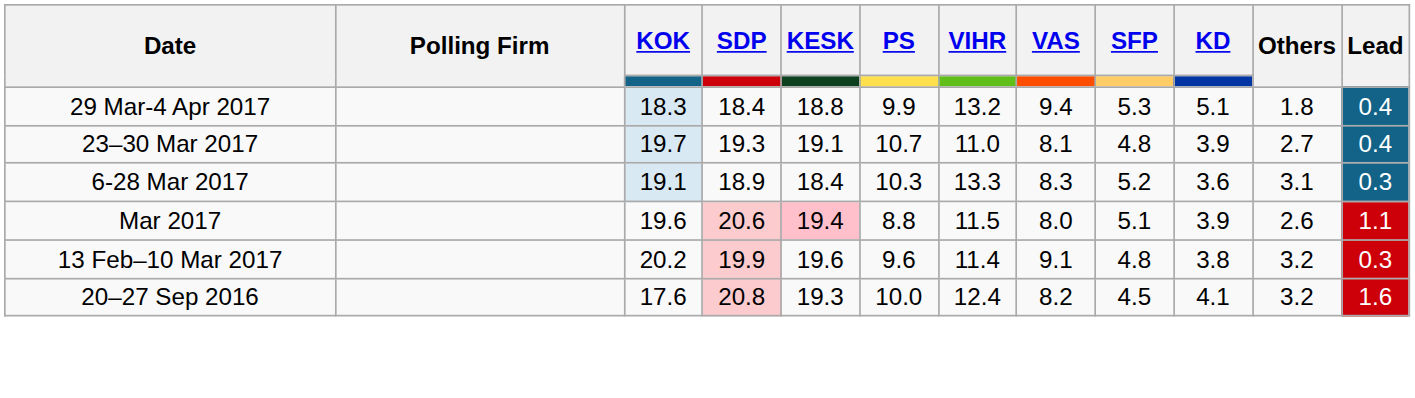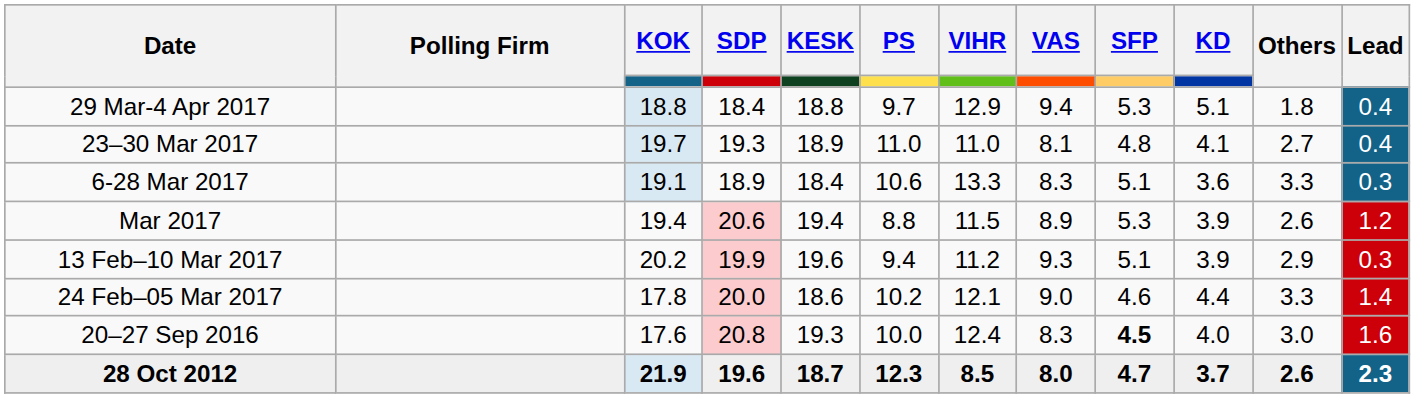 <table class="wikitable sortable" style="text-align:center; font-size:90%; line-height:16px;">
 <tr style="height:42px;">
 <th style="width:190px;" rowspan="2">Date</th>
 <th style="width:165px;" rowspan="2">Polling Firm</th>
 <th><a href='#'><span>KOK</span></a></th>
 <th><a href='#'><span>SDP</span></a></th>
 <th><a href='#'><span>KESK</span></a></th>
 <th><a href='#'><span>PS</span></a></th>
 <th><a href='#'><span>VIHR</span></a></th>
 <th><a href='#'><span>VAS</span></a></th>
 <th><a href='#'><span>SFP</span></a></th>
 <th><a href='#'><span>KD</span></a></th>
 <th style="width:40px;" rowspan="2">Others</th>
 <th style="width:20px;" rowspan="2">Lead</th>
 </tr>
 <tr>
 <th style="background:#136389; width:40px;"></th>
 <th style="background:#CD000a; width:40px;"></th>
 <th style="background:#0E4120; width:40px;"></th>
 <th style="background:#FEE04D; width:40px;"></th>
 <th style="background:#61BF1A; width:40px;"></th>
 <th style="background:#FF4D00; width:40px;"></th>
 <th style="background:#FFCC66; width:40px;"></th>
 <th style="background:#0235A4; width:40px;"></th>
 </tr>
 <tr>
 <td data-sort-value="2017-04-04">29 Mar-4 Apr 2017</td>
 <td></td>
-<td style="background:#D9E9F4">18.3</td>
+<td style="background:#D9E9F4">18.8</td>
 <td>18.4</td>
 <td>18.8</td>
-<td>9.9</td>
-<td>13.2</td>
+<td>9.7</td>
+<td>12.9</td>
 <td>9.4</td>
 <td>5.3</td>
 <td>5.1</td>
 <td>1.8</td>
 <td style="background:#136389; color:white;">0.4</td>
 </tr>
 <tr>
 <td data-sort-value="2017-03-30">23–30 Mar 2017</td>
 <td></td>
 <td style="background:#D9E9F4">19.7</td>
 <td>19.3</td>
-<td>19.1</td>
-<td>10.7</td>
+<td>18.9</td>
+<td>11.0</td>
 <td>11.0</td>
 <td>8.1</td>
 <td>4.8</td>
-<td>3.9</td>
+<td>4.1</td>
 <td>2.7</td>
 <td style="background:#136389; color:white;">0.4</td>
 </tr>
 <tr>
 <td data-sort-value="2017-03-28">6-28 Mar 2017</td>
 <td></td>
 <td style="background:#D9E9F4">19.1</td>
 <td>18.9</td>
 <td>18.4</td>
-<td>10.3</td>
+<td>10.6</td>
 <td>13.3</td>
 <td>8.3</td>
-<td>5.2</td>
+<td>5.1</td>
 <td>3.6</td>
-<td>3.1</td>
+<td>3.3</td>
 <td style="background:#136389; color:white;">0.3</td>
 </tr>
 <tr>
 <td data-sort-value="2017-03-23">Mar 2017</td>
 <td></td>
-<td>19.6</td>
+<td>19.4</td>
 <td style="background:#FCCBCD">20.6</td>
-<td style="background: pink;">19.4</td>
+<td>19.4</td>
 <td>8.8</td>
 <td>11.5</td>
-<td>8.0</td>
-<td>5.1</td>
+<td>8.9</td>
+<td>5.3</td>
 <td>3.9</td>
 <td>2.6</td>
-<td style="background:#CD000a; color:white;">1.1</td>
+<td style="background:#CD000a; color:white;">1.2</td>
 </tr>
 <tr>
 <td data-sort-value="2017-03-10">13 Feb–10 Mar 2017</td>
 <td></td>
 <td>20.2</td>
 <td style="background:#FCCBCD">19.9</td>
 <td>19.6</td>
-<td>9.6</td>
-<td>11.4</td>
-<td>9.1</td>
-<td>4.8</td>
-<td>3.8</td>
-<td>3.2</td>
+<td>9.4</td>
+<td>11.2</td>
+<td>9.3</td>
+<td>5.1</td>
+<td>3.9</td>
+<td>2.9</td>
 <td style="background:#CD000a; color:white;">0.3</td>
+</tr>
+<tr>
+<td data-sort-value="2017-03-05">24 Feb–05 Mar 2017</td>
+<td></td>
+<td>17.8</td>
+<td style="background:#FCCBCD">20.0</td>
+<td>18.6</td>
+<td>10.2</td>
+<td>12.1</td>
+<td>9.0</td>
+<td>4.6</td>
+<td>4.4</td>
+<td>3.3</td>
+<td style="background:#CD000a; color:white;">1.4</td>
 </tr>
 <tr>
 <td data-sort-value="2016-09-27">20–27 Sep 2016</td>
 <td></td>
 <td>17.6</td>
 <td style="background:#FCCBCD">20.8</td>
 <td>19.3</td>
 <td>10.0</td>
 <td>12.4</td>
-<td>8.2</td>
-<td>4.5</td>
-<td>4.1</td>
-<td>3.2</td>
+<td>8.3</td>
+<td><strong>4.5</strong></td>
+<td>4.0</td>
+<td>3.0</td>
 <td style="background:#CD000a; color:white;">1.6</td>
 </tr>
+<tr style="background:#EFEFEF; font-weight:bold;">
+<td data-sort-value="2012-10-28">28 Oct 2012</td>
+<td></td>
+<td style="background:#D9E9F4">21.9</td>
+<td>19.6</td>
+<td>18.7</td>
+<td>12.3</td>
+<td>8.5</td>
+<td>8.0</td>
+<td>4.7</td>
+<td>3.7</td>
+<td>2.6</td>
+<td style="background:#136389; color:white;">2.3</td>
+</tr>
 </table>
